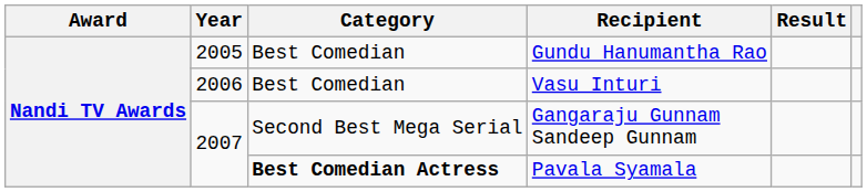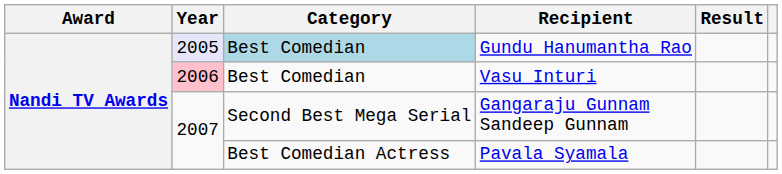 <table class="wikitable sortable plainrowheaders">
 <tr>
 <th scope="col">Award</th>
 <th scope="col">Year</th>
 <th scope="col">Category</th>
 <th scope="col">Recipient</th>
 <th scope="col">Result</th>
 <th scope="col" class="unsortable"></th>
 </tr>
 <tr>
 <th rowspan="4" scope="row"><a href='#'>Nandi TV Awards</a></th>
-<td>2005</td>
-<td>Best Comedian</td>
+<td style="background: lavender;">2005</td>
+<td style="background: lightblue;">Best Comedian</td>
 <td><a href='#'>Gundu Hanumantha Rao</a></td>
 <td></td>
 <td></td>
 </tr>
 <tr>
-<td>2006</td>
+<td style="background: pink;">2006</td>
 <td>Best Comedian</td>
 <td><a href='#'>Vasu Inturi</a></td>
 <td></td>
 <td></td>
 </tr>
 <tr>
 <td rowspan="2">2007</td>
 <td>Second Best Mega Serial</td>
 <td><a href='#'>Gangaraju Gunnam</a><br>Sandeep Gunnam</td>
 <td></td>
 <td></td>
 </tr>
 <tr>
-<td><strong>Best Comedian Actress</strong></td>
+<td>Best Comedian Actress</td>
 <td><a href='#'>Pavala Syamala</a></td>
 <td></td>
 <td></td>
 </tr>
 </table>
